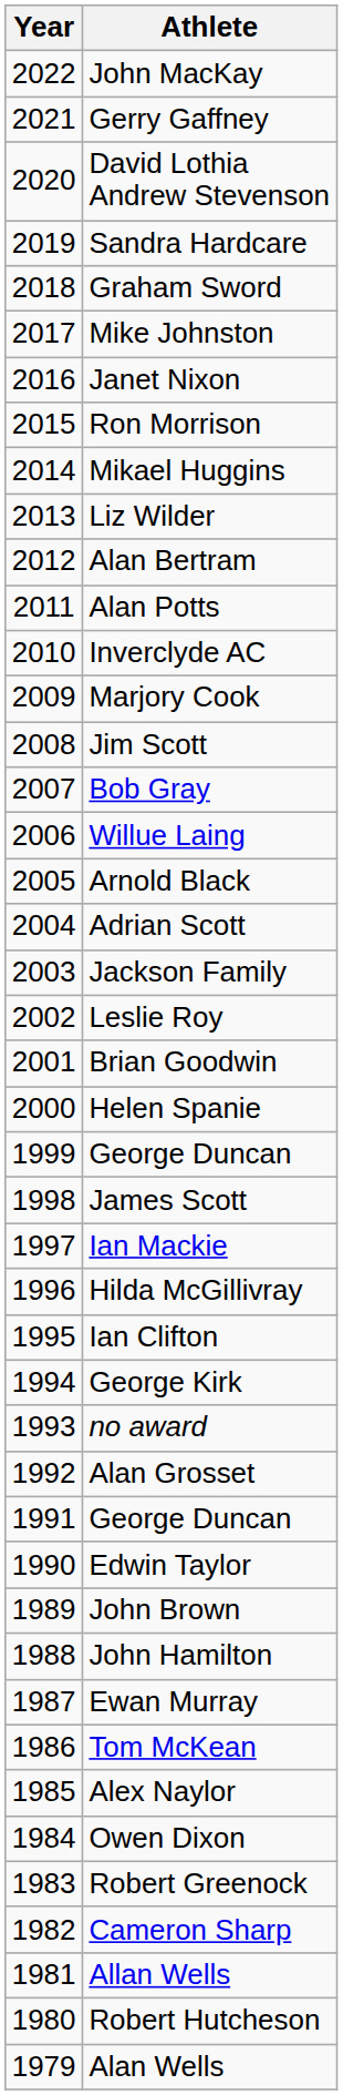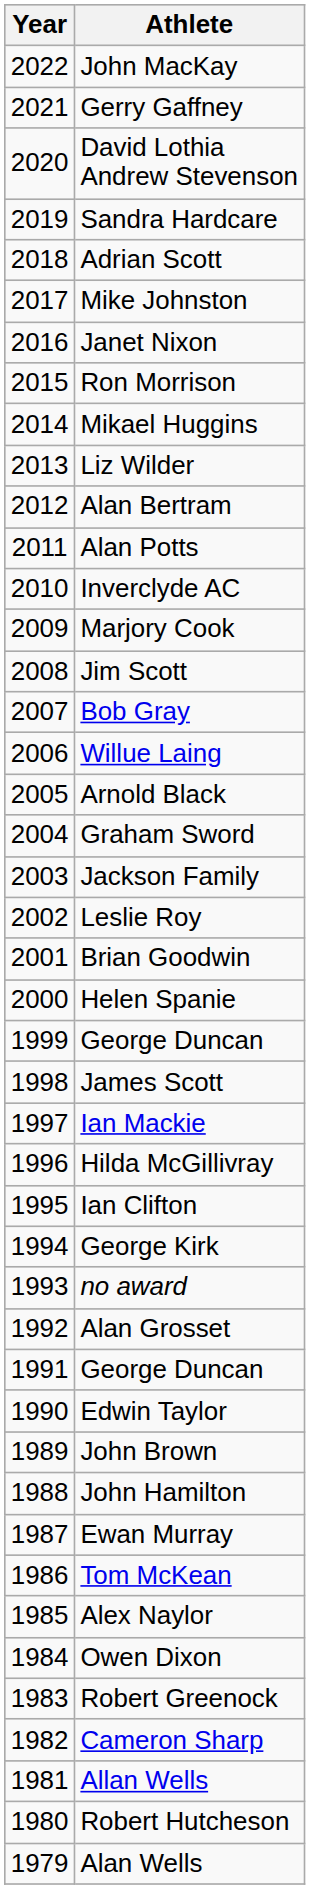 <table class="wikitable sortable">
 <tr>
 <th>Year</th>
 <th>Athlete</th>
 </tr>
 <tr>
 <td align="center">2022</td>
 <td>John MacKay</td>
 </tr>
 <tr>
 <td align="center">2021</td>
 <td>Gerry Gaffney</td>
 </tr>
 <tr>
 <td align="center">2020</td>
 <td>David Lothia<br>Andrew Stevenson</td>
 </tr>
 <tr>
 <td align="center">2019</td>
 <td>Sandra Hardcare</td>
 </tr>
 <tr>
 <td align="center">2018</td>
-<td>Graham Sword</td>
+<td>Adrian Scott</td>
 </tr>
 <tr>
 <td align="center">2017</td>
 <td>Mike Johnston</td>
 </tr>
 <tr>
 <td align="center">2016</td>
 <td>Janet Nixon</td>
 </tr>
 <tr>
 <td align="center">2015</td>
 <td>Ron Morrison</td>
 </tr>
 <tr>
 <td align="center">2014</td>
 <td>Mikael Huggins</td>
 </tr>
 <tr>
 <td align="center">2013</td>
 <td>Liz Wilder</td>
 </tr>
 <tr>
 <td align="center">2012</td>
 <td>Alan Bertram</td>
 </tr>
 <tr>
 <td align="center">2011</td>
 <td>Alan Potts</td>
 </tr>
 <tr>
 <td align="center">2010</td>
 <td>Inverclyde AC</td>
 </tr>
 <tr>
 <td align="center">2009</td>
 <td>Marjory Cook</td>
 </tr>
 <tr>
 <td align="center">2008</td>
 <td>Jim Scott</td>
 </tr>
 <tr>
 <td align="center">2007</td>
 <td><a href='#'>Bob Gray</a></td>
 </tr>
 <tr>
 <td align="center">2006</td>
 <td><a href='#'>Willue Laing</a></td>
 </tr>
 <tr>
 <td align="center">2005</td>
 <td>Arnold Black</td>
 </tr>
 <tr>
 <td align="center">2004</td>
-<td>Adrian Scott</td>
+<td>Graham Sword</td>
 </tr>
 <tr>
 <td align="center">2003</td>
 <td>Jackson Family</td>
 </tr>
 <tr>
 <td align="center">2002</td>
 <td>Leslie Roy</td>
 </tr>
 <tr>
 <td align="center">2001</td>
 <td>Brian Goodwin</td>
 </tr>
 <tr>
 <td align="center">2000</td>
 <td>Helen Spanie</td>
 </tr>
 <tr>
 <td align="center">1999</td>
 <td>George Duncan</td>
 </tr>
 <tr>
 <td align="center">1998</td>
 <td>James Scott</td>
 </tr>
 <tr>
 <td align="center">1997</td>
 <td><a href='#'>Ian Mackie</a></td>
 </tr>
 <tr>
 <td align="center">1996</td>
 <td>Hilda McGillivray</td>
 </tr>
 <tr>
 <td align="center">1995</td>
 <td>Ian Clifton</td>
 </tr>
 <tr>
 <td align="center">1994</td>
 <td>George Kirk</td>
 </tr>
 <tr>
 <td align="center">1993</td>
 <td><em>no award</em></td>
 </tr>
 <tr>
 <td align="center">1992</td>
 <td>Alan Grosset</td>
 </tr>
 <tr>
 <td align="center">1991</td>
 <td>George Duncan</td>
 </tr>
 <tr>
 <td align="center">1990</td>
 <td>Edwin Taylor</td>
 </tr>
 <tr>
 <td align="center">1989</td>
 <td>John Brown</td>
 </tr>
 <tr>
 <td align="center">1988</td>
 <td>John Hamilton</td>
 </tr>
 <tr>
 <td align="center">1987</td>
 <td>Ewan Murray</td>
 </tr>
 <tr>
 <td align="center">1986</td>
 <td><a href='#'>Tom McKean</a></td>
 </tr>
 <tr>
 <td align="center">1985</td>
 <td>Alex Naylor</td>
 </tr>
 <tr>
 <td align="center">1984</td>
 <td>Owen Dixon</td>
 </tr>
 <tr>
 <td align="center">1983</td>
 <td>Robert Greenock</td>
 </tr>
 <tr>
 <td align="center">1982</td>
 <td><a href='#'>Cameron Sharp</a></td>
 </tr>
 <tr>
 <td align="center">1981</td>
 <td><a href='#'>Allan Wells</a></td>
 </tr>
 <tr>
 <td align="center">1980</td>
 <td>Robert Hutcheson</td>
 </tr>
 <tr>
 <td align="center">1979</td>
 <td>Alan Wells</td>
 </tr>
 </table>
